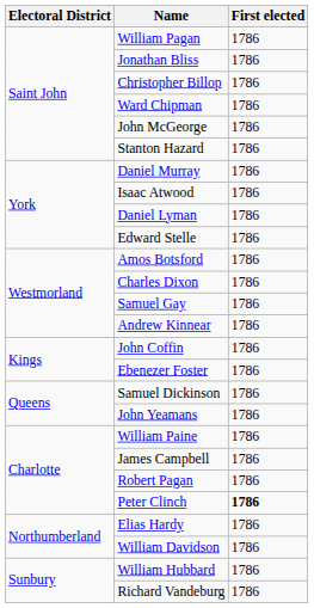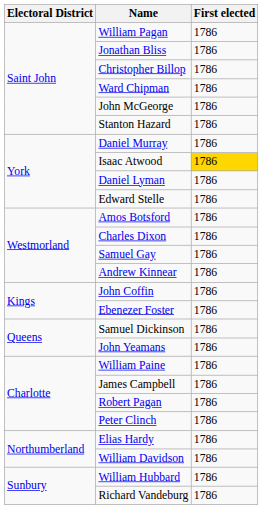 <table class="wikitable">
 <tr>
 <th>Electoral District</th>
 <th>Name</th>
 <th>First elected</th>
 </tr>
 <tr>
 <td rowspan="6"><a href='#'>Saint John</a></td>
 <td><a href='#'>William Pagan</a></td>
 <td>1786</td>
 </tr>
 <tr>
 <td><a href='#'>Jonathan Bliss</a></td>
 <td>1786</td>
 </tr>
 <tr>
 <td><a href='#'>Christopher Billop</a></td>
 <td>1786</td>
 </tr>
 <tr>
 <td><a href='#'>Ward Chipman</a></td>
 <td>1786</td>
 </tr>
 <tr>
 <td>John McGeorge</td>
 <td>1786</td>
 </tr>
 <tr>
 <td>Stanton Hazard</td>
 <td>1786</td>
 </tr>
 <tr>
 <td rowspan="4"><a href='#'>York</a></td>
 <td><a href='#'>Daniel Murray</a></td>
 <td>1786</td>
 </tr>
 <tr>
 <td>Isaac Atwood</td>
-<td>1786</td>
+<td style="background: gold;">1786</td>
 </tr>
 <tr>
 <td><a href='#'>Daniel Lyman</a></td>
 <td>1786</td>
 </tr>
 <tr>
 <td>Edward Stelle</td>
 <td>1786</td>
 </tr>
 <tr>
 <td rowspan="4"><a href='#'>Westmorland</a></td>
 <td><a href='#'>Amos Botsford</a></td>
 <td>1786</td>
 </tr>
 <tr>
 <td><a href='#'>Charles Dixon</a></td>
 <td>1786</td>
 </tr>
 <tr>
 <td><a href='#'>Samuel Gay</a></td>
 <td>1786</td>
 </tr>
 <tr>
 <td><a href='#'>Andrew Kinnear</a></td>
 <td>1786</td>
 </tr>
 <tr>
 <td rowspan="2"><a href='#'>Kings</a></td>
 <td><a href='#'>John Coffin</a></td>
 <td>1786</td>
 </tr>
 <tr>
 <td><a href='#'>Ebenezer Foster</a></td>
 <td>1786</td>
 </tr>
 <tr>
 <td rowspan="2"><a href='#'>Queens</a></td>
 <td>Samuel Dickinson</td>
 <td>1786</td>
 </tr>
 <tr>
 <td><a href='#'>John Yeamans</a></td>
 <td>1786</td>
 </tr>
 <tr>
 <td rowspan="4"><a href='#'>Charlotte</a></td>
 <td><a href='#'>William Paine</a></td>
 <td>1786</td>
 </tr>
 <tr>
 <td>James Campbell</td>
 <td>1786</td>
 </tr>
 <tr>
 <td><a href='#'>Robert Pagan</a></td>
 <td>1786</td>
 </tr>
 <tr>
 <td><a href='#'>Peter Clinch</a></td>
-<td><strong>1786</strong></td>
+<td>1786</td>
 </tr>
 <tr>
 <td rowspan="2"><a href='#'>Northumberland</a></td>
 <td><a href='#'>Elias Hardy</a></td>
 <td>1786</td>
 </tr>
 <tr>
 <td><a href='#'>William Davidson</a></td>
 <td>1786</td>
 </tr>
 <tr>
 <td rowspan="2"><a href='#'>Sunbury</a></td>
 <td><a href='#'>William Hubbard</a></td>
 <td>1786</td>
 </tr>
 <tr>
 <td>Richard Vandeburg</td>
 <td>1786</td>
 </tr>
 </table>
